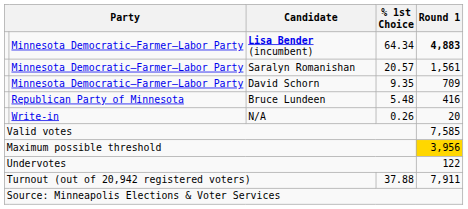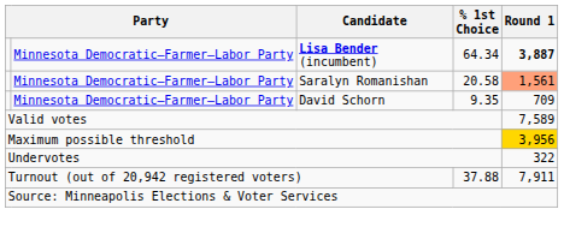 <table class="wikitable">
 <tr>
 <th colspan="2" style="width:290px">Party</th>
 <th style="width:165px">Candidate</th>
 <th>% 1st<br>Choice</th>
 <th>Round 1</th>
 </tr>
 <tr>
 <td style="background-color:"></td>
 <td><a href='#'>Minnesota Democratic–Farmer–Labor Party</a></td>
 <td><strong><a href='#'>Lisa Bender</a></strong> (incumbent)</td>
 <td align="right">64.34</td>
-<td align="right"><strong>4,883</strong></td>
+<td align="right"><strong>3,887</strong></td>
 </tr>
 <tr>
 <td style="background-color:"></td>
 <td><a href='#'>Minnesota Democratic–Farmer–Labor Party</a></td>
 <td>Saralyn Romanishan</td>
-<td align="right">20.57</td>
-<td align="right">1,561</td>
+<td align="right">20.58</td>
+<td align="right" style="background: lightsalmon;">1,561</td>
 </tr>
 <tr>
 <td style="background-color:"></td>
 <td><a href='#'>Minnesota Democratic–Farmer–Labor Party</a></td>
 <td>David Schorn</td>
 <td align="right">9.35</td>
 <td align="right">709</td>
 </tr>
 <tr>
-<td style="background-color:"></td>
-<td><a href='#'>Republican Party of Minnesota</a></td>
-<td>Bruce Lundeen</td>
-<td align="right">5.48</td>
-<td align="right">416</td>
-</tr>
-<tr>
-<td style="background-color:"></td>
-<td><a href='#'>Write-in</a></td>
-<td>N/A</td>
-<td align="right">0.26</td>
-<td align="right">20</td>
-</tr>
-<tr>
 <td colspan="4">Valid votes</td>
-<td align="right">7,585</td>
+<td align="right">7,589</td>
 </tr>
 <tr>
 <td colspan="4">Maximum possible threshold</td>
 <td align="right" style="background: gold;">3,956</td>
 </tr>
 <tr>
 <td colspan="4">Undervotes</td>
-<td align="right">122</td>
+<td align="right">322</td>
 </tr>
 <tr>
 <td colspan="3">Turnout (out of 20,942 registered voters)</td>
 <td align="right">37.88</td>
 <td align="right">7,911</td>
 </tr>
 <tr>
 <td colspan="5">Source: Minneapolis Elections & Voter Services</td>
 </tr>
 </table>
